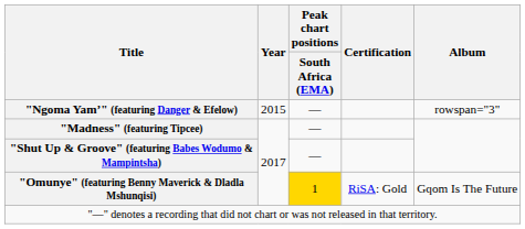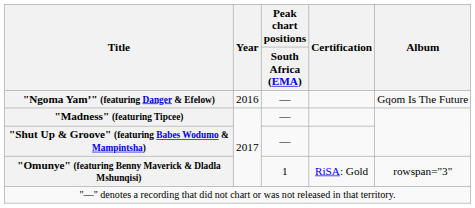 <table class="wikitable plainrowheaders" style="text-align:center;">
 <tr>
 <th scope="col" rowspan="2" style="width:20em;">Title</th>
 <th scope="col" rowspan="2">Year</th>
 <th scope="col" colspan="1">Peak chart positions</th>
 <th scope="col" rowspan="2">Certification</th>
 <th scope="col" rowspan="2">Album</th>
 </tr>
 <tr>
 <th scope="col" style="width:3em;">South Africa (<a href='#'>EMA</a>)</th>
 </tr>
 <tr>
 <th scope="row">"Ngoma Yam’" <small>(featuring <a href='#'>Danger</a> & Efelow)</small></th>
-<td>2015</td>
+<td>2016</td>
 <td>—</td>
 <td></td>
-<td>rowspan="3" </td>
+<td>Gqom Is The Future</td>
 </tr>
 <tr>
 <th scope="row">"Madness" <small>(featuring Tipcee)</small></th>
 <td rowspan="3">2017</td>
 <td>—</td>
 <td></td>
 </tr>
 <tr>
 <th scope="row">"Shut Up & Groove" <small>(featuring <a href='#'>Babes Wodumo</a> & <a href='#'>Mampintsha</a>)</small></th>
 <td>—</td>
 <td></td>
 </tr>
 <tr>
 <th scope="row">"Omunye" <small>(featuring Benny Maverick & Dladla Mshunqisi)</small></th>
-<td style="background: gold;">1</td>
+<td>1</td>
 <td><a href='#'>RiSA</a>: Gold</td>
-<td>Gqom Is The Future</td>
+<td>rowspan="3" </td>
 </tr>
 <tr>
 <td colspan="6" style="font-size:90%">"—" denotes a recording that did not chart or was not released in that territory.</td>
 </tr>
 </table>
